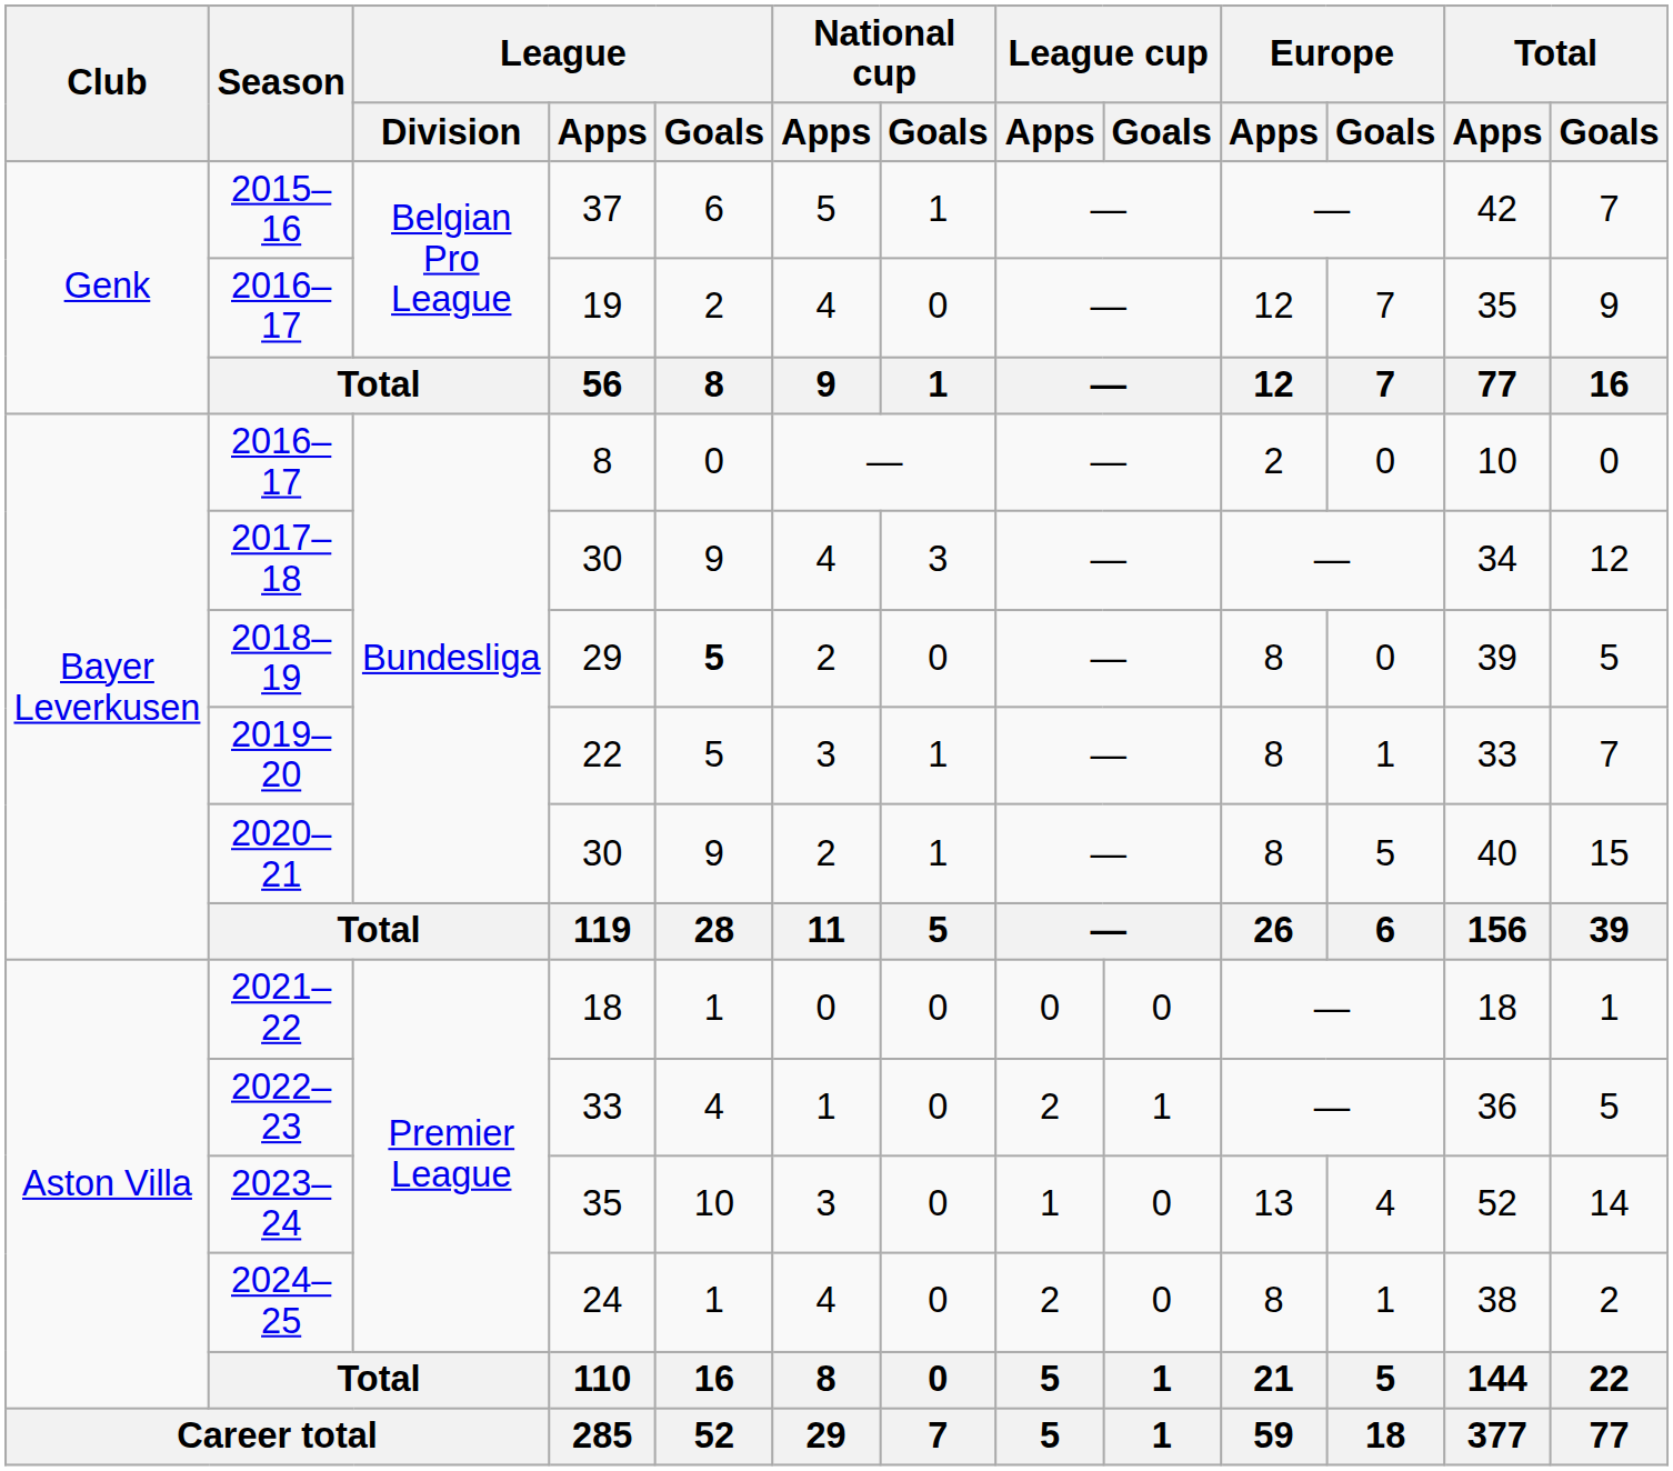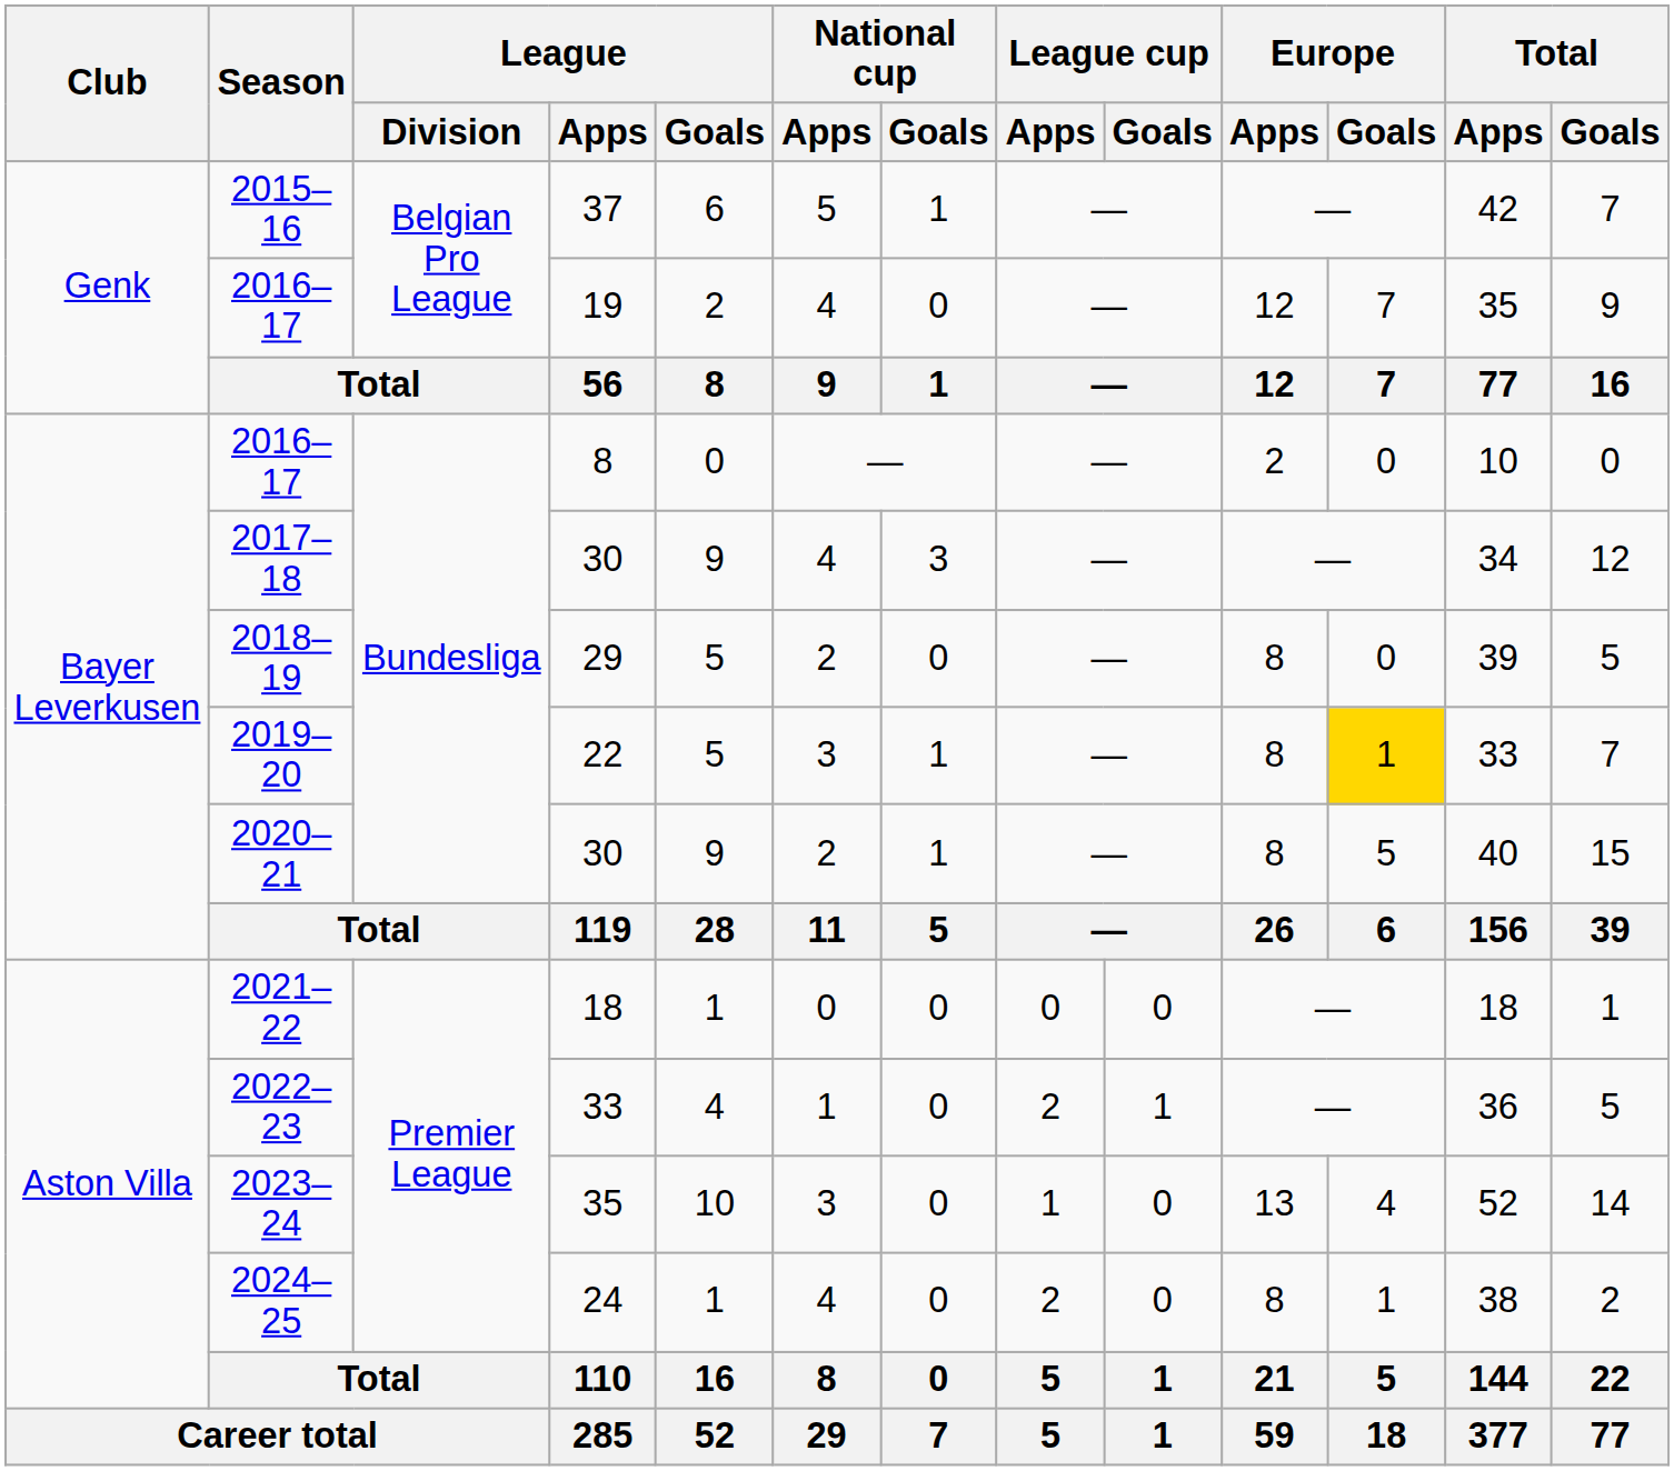 <table class="wikitable" style="text-align:center">
 <tr>
 <th rowspan="2">Club</th>
 <th rowspan="2">Season</th>
 <th colspan="3">League</th>
 <th colspan="2">National cup</th>
 <th colspan="2">League cup</th>
 <th colspan="2">Europe</th>
 <th colspan="2">Total</th>
 </tr>
 <tr>
 <th>Division</th>
 <th>Apps</th>
 <th>Goals</th>
 <th>Apps</th>
 <th>Goals</th>
 <th>Apps</th>
 <th>Goals</th>
 <th>Apps</th>
 <th>Goals</th>
 <th>Apps</th>
 <th>Goals</th>
 </tr>
 <tr>
 <td rowspan="3"><a href='#'>Genk</a></td>
 <td><a href='#'>2015–16</a></td>
 <td rowspan="2"><a href='#'>Belgian Pro League</a></td>
 <td>37</td>
 <td>6</td>
 <td>5</td>
 <td>1</td>
 <td colspan="2">—</td>
 <td colspan="2">—</td>
 <td>42</td>
 <td>7</td>
 </tr>
 <tr>
 <td><a href='#'>2016–17</a></td>
 <td>19</td>
 <td>2</td>
 <td>4</td>
 <td>0</td>
 <td colspan="2">—</td>
 <td>12</td>
 <td>7</td>
 <td>35</td>
 <td>9</td>
 </tr>
 <tr>
 <th colspan="2">Total</th>
 <th>56</th>
 <th>8</th>
 <th>9</th>
 <th>1</th>
 <th colspan="2">—</th>
 <th>12</th>
 <th>7</th>
 <th>77</th>
 <th>16</th>
 </tr>
 <tr>
 <td rowspan="6"><a href='#'>Bayer Leverkusen</a></td>
 <td><a href='#'>2016–17</a></td>
 <td rowspan="5"><a href='#'>Bundesliga</a></td>
 <td>8</td>
 <td>0</td>
 <td colspan="2">—</td>
 <td colspan="2">—</td>
 <td>2</td>
 <td>0</td>
 <td>10</td>
 <td>0</td>
 </tr>
 <tr>
 <td><a href='#'>2017–18</a></td>
 <td>30</td>
 <td>9</td>
 <td>4</td>
 <td>3</td>
 <td colspan="2">—</td>
 <td colspan="2">—</td>
 <td>34</td>
 <td>12</td>
 </tr>
 <tr>
 <td><a href='#'>2018–19</a></td>
 <td>29</td>
-<td><strong>5</strong></td>
+<td>5</td>
 <td>2</td>
 <td>0</td>
 <td colspan="2">—</td>
 <td>8</td>
 <td>0</td>
 <td>39</td>
 <td>5</td>
 </tr>
 <tr>
 <td><a href='#'>2019–20</a></td>
 <td>22</td>
 <td>5</td>
 <td>3</td>
 <td>1</td>
 <td colspan="2">—</td>
 <td>8</td>
-<td>1</td>
+<td style="background: gold;">1</td>
 <td>33</td>
 <td>7</td>
 </tr>
 <tr>
 <td><a href='#'>2020–21</a></td>
 <td>30</td>
 <td>9</td>
 <td>2</td>
 <td>1</td>
 <td colspan="2">—</td>
 <td>8</td>
 <td>5</td>
 <td>40</td>
 <td>15</td>
 </tr>
 <tr>
 <th colspan="2">Total</th>
 <th>119</th>
 <th>28</th>
 <th>11</th>
 <th>5</th>
 <th colspan="2">—</th>
 <th>26</th>
 <th>6</th>
 <th>156</th>
 <th>39</th>
 </tr>
 <tr>
 <td rowspan="5"><a href='#'>Aston Villa</a></td>
 <td><a href='#'>2021–22</a></td>
 <td rowspan="4"><a href='#'>Premier League</a></td>
 <td>18</td>
 <td>1</td>
 <td>0</td>
 <td>0</td>
 <td>0</td>
 <td>0</td>
 <td colspan="2">—</td>
 <td>18</td>
 <td>1</td>
 </tr>
 <tr>
 <td><a href='#'>2022–23</a></td>
 <td>33</td>
 <td>4</td>
 <td>1</td>
 <td>0</td>
 <td>2</td>
 <td>1</td>
 <td colspan="2">—</td>
 <td>36</td>
 <td>5</td>
 </tr>
 <tr>
 <td><a href='#'>2023–24</a></td>
 <td>35</td>
 <td>10</td>
 <td>3</td>
 <td>0</td>
 <td>1</td>
 <td>0</td>
 <td>13</td>
 <td>4</td>
 <td>52</td>
 <td>14</td>
 </tr>
 <tr>
 <td><a href='#'>2024–25</a></td>
 <td>24</td>
 <td>1</td>
 <td>4</td>
 <td>0</td>
 <td>2</td>
 <td>0</td>
 <td>8</td>
 <td>1</td>
 <td>38</td>
 <td>2</td>
 </tr>
 <tr>
 <th colspan="2">Total</th>
 <th>110</th>
 <th>16</th>
 <th>8</th>
 <th>0</th>
 <th>5</th>
 <th>1</th>
 <th>21</th>
 <th>5</th>
 <th>144</th>
 <th>22</th>
 </tr>
 <tr>
 <th colspan="3">Career total</th>
 <th>285</th>
 <th>52</th>
 <th>29</th>
 <th>7</th>
 <th>5</th>
 <th>1</th>
 <th>59</th>
 <th>18</th>
 <th>377</th>
 <th>77</th>
 </tr>
 </table>
